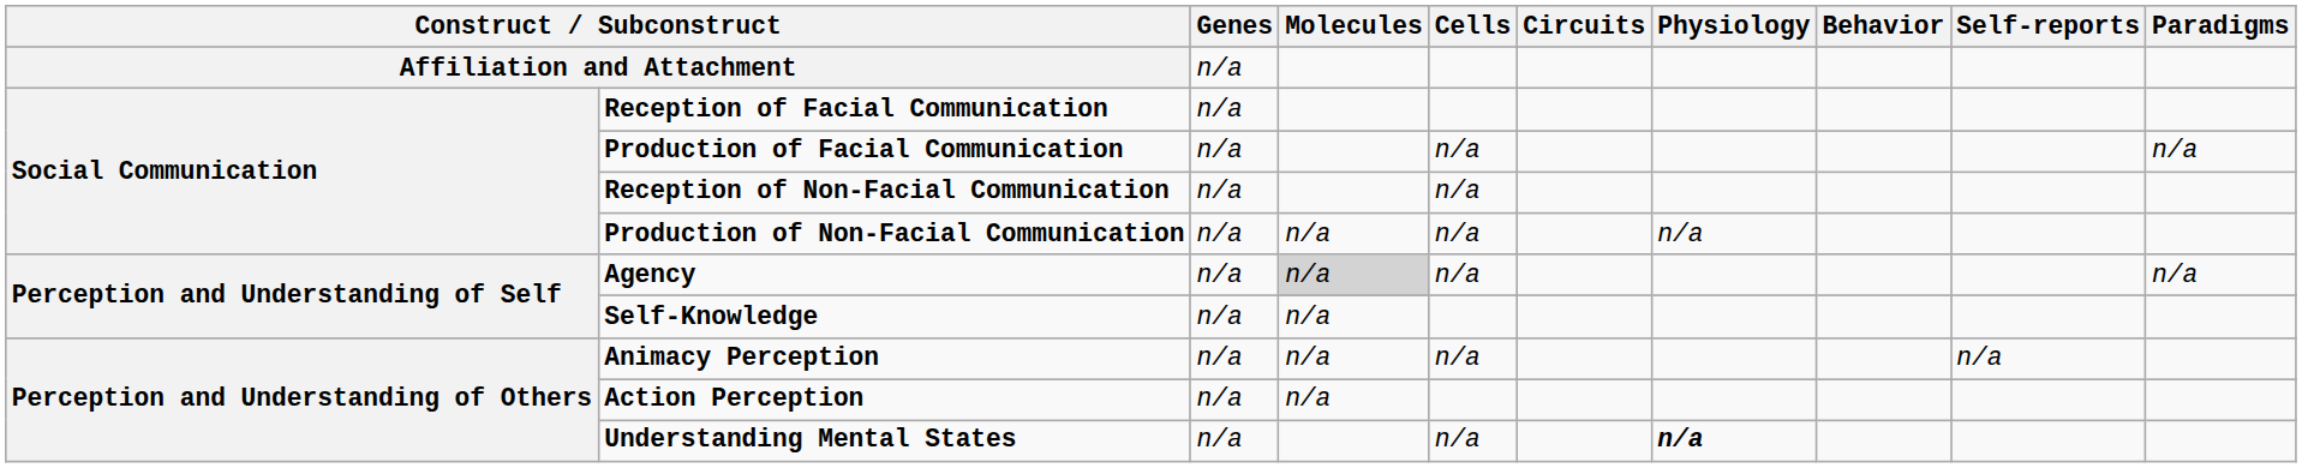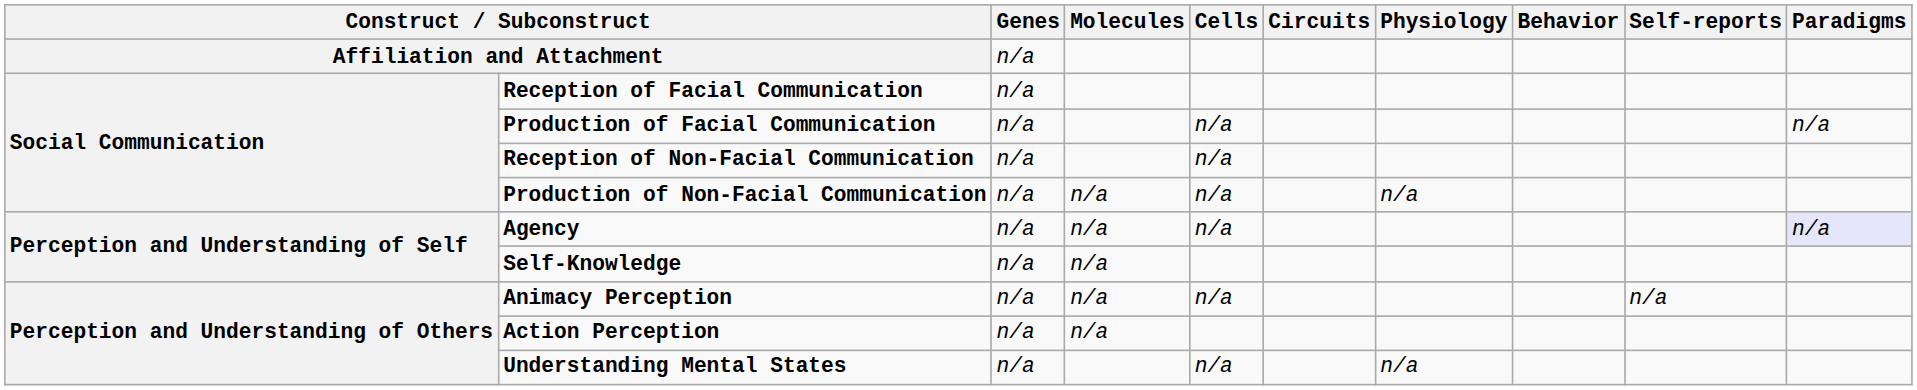 <table class="wikitable">
 <tr>
 <th colspan="2">Construct / Subconstruct</th>
 <th>Genes</th>
 <th>Molecules</th>
 <th>Cells</th>
 <th>Circuits</th>
 <th>Physiology</th>
 <th>Behavior</th>
 <th>Self-reports</th>
 <th>Paradigms</th>
 </tr>
 <tr>
 <th colspan="2">Affiliation and Attachment</th>
 <td><em>n/a</em></td>
 <td></td>
 <td></td>
 <td></td>
 <td></td>
 <td></td>
 <td></td>
 <td></td>
 </tr>
 <tr>
 <th rowspan="4" style="text-align: left;">Social Communication</th>
 <td><strong>Reception of Facial Communication</strong></td>
 <td><em>n/a</em></td>
 <td></td>
 <td></td>
 <td></td>
 <td></td>
 <td></td>
 <td></td>
 <td></td>
 </tr>
 <tr>
 <td><strong>Production of Facial Communication</strong></td>
 <td><em>n/a</em></td>
 <td></td>
 <td><em>n/a</em></td>
 <td></td>
 <td></td>
 <td></td>
 <td></td>
 <td><em>n/a</em></td>
 </tr>
 <tr>
 <td><strong>Reception of Non-Facial Communication</strong></td>
 <td><em>n/a</em></td>
 <td></td>
 <td><em>n/a</em></td>
 <td></td>
 <td></td>
 <td></td>
 <td></td>
 <td></td>
 </tr>
 <tr>
 <td><strong>Production of Non-Facial Communication</strong></td>
 <td><em>n/a</em></td>
 <td><em>n/a</em></td>
 <td><em>n/a</em></td>
 <td></td>
 <td><em>n/a</em></td>
 <td></td>
 <td></td>
 <td></td>
 </tr>
 <tr>
 <th rowspan="2" style="text-align: left;">Perception and Understanding of Self</th>
 <td><strong>Agency</strong></td>
 <td><em>n/a</em></td>
-<td style="background: lightgrey;"><em>n/a</em></td>
+<td><em>n/a</em></td>
 <td><em>n/a</em></td>
 <td></td>
 <td></td>
 <td></td>
 <td></td>
-<td><em>n/a</em></td>
+<td style="background: lavender;"><em>n/a</em></td>
 </tr>
 <tr>
 <td><strong>Self-Knowledge</strong></td>
 <td><em>n/a</em></td>
 <td><em>n/a</em></td>
 <td></td>
 <td></td>
 <td></td>
 <td></td>
 <td></td>
 <td></td>
 </tr>
 <tr>
 <th rowspan="3" style="text-align: left;">Perception and Understanding of Others</th>
 <td><strong>Animacy Perception</strong></td>
 <td><em>n/a</em></td>
 <td><em>n/a</em></td>
 <td><em>n/a</em></td>
 <td></td>
 <td></td>
 <td></td>
 <td><em>n/a</em></td>
 <td></td>
 </tr>
 <tr>
 <td><strong>Action Perception</strong></td>
 <td><em>n/a</em></td>
 <td><em>n/a</em></td>
 <td></td>
 <td></td>
 <td></td>
 <td></td>
 <td></td>
 <td></td>
 </tr>
 <tr>
 <td><strong>Understanding Mental States</strong></td>
 <td><em>n/a</em></td>
 <td></td>
 <td><em>n/a</em></td>
 <td></td>
-<td><strong><em>n/a</em></strong></td>
+<td><em>n/a</em></td>
 <td></td>
 <td></td>
 <td></td>
 </tr>
 </table>
